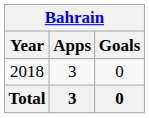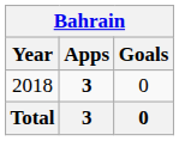 <table class="wikitable" style="text-align:center">
 <tr>
 <th colspan=3><a href='#'>Bahrain</a></th>
 </tr>
 <tr>
 <th>Year</th>
 <th>Apps</th>
 <th>Goals</th>
 </tr>
 <tr>
 <td>2018</td>
-<td>3</td>
+<td><strong>3</strong></td>
 <td>0</td>
 </tr>
 <tr>
 <th>Total</th>
 <th>3</th>
 <th>0</th>
 </tr>
 </table>
